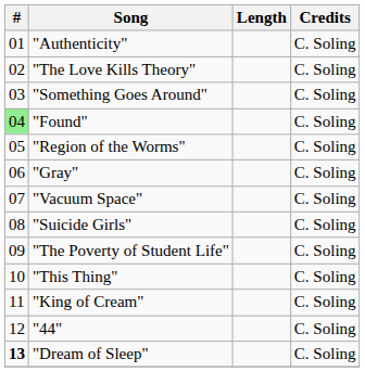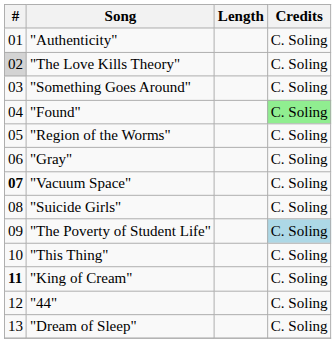 <table class="wikitable">
 <tr>
 <th>#</th>
 <th>Song</th>
 <th>Length</th>
 <th>Credits</th>
 </tr>
 <tr>
 <td>01</td>
 <td>"Authenticity"</td>
 <td></td>
 <td>C. Soling</td>
 </tr>
 <tr>
-<td>02</td>
+<td style="background: lightgrey;">02</td>
 <td>"The Love Kills Theory"</td>
 <td></td>
 <td>C. Soling</td>
 </tr>
 <tr>
 <td>03</td>
 <td>"Something Goes Around"</td>
 <td></td>
 <td>C. Soling</td>
 </tr>
 <tr>
-<td style="background: lightgreen;">04</td>
+<td>04</td>
 <td>"Found"</td>
 <td></td>
-<td>C. Soling</td>
+<td style="background: lightgreen;">C. Soling</td>
 </tr>
 <tr>
 <td>05</td>
 <td>"Region of the Worms"</td>
 <td></td>
 <td>C. Soling</td>
 </tr>
 <tr>
 <td>06</td>
 <td>"Gray"</td>
 <td></td>
 <td>C. Soling</td>
 </tr>
 <tr>
-<td>07</td>
+<td><strong>07</strong></td>
 <td>"Vacuum Space"</td>
 <td></td>
 <td>C. Soling</td>
 </tr>
 <tr>
 <td>08</td>
 <td>"Suicide Girls"</td>
 <td></td>
 <td>C. Soling</td>
 </tr>
 <tr>
 <td>09</td>
 <td>"The Poverty of Student Life"</td>
 <td></td>
-<td>C. Soling</td>
+<td style="background: lightblue;">C. Soling</td>
 </tr>
 <tr>
 <td>10</td>
 <td>"This Thing"</td>
 <td></td>
 <td>C. Soling</td>
 </tr>
 <tr>
-<td>11</td>
+<td><strong>11</strong></td>
 <td>"King of Cream"</td>
 <td></td>
 <td>C. Soling</td>
 </tr>
 <tr>
 <td>12</td>
 <td>"44"</td>
 <td></td>
 <td>C. Soling</td>
 </tr>
 <tr>
-<td><strong>13</strong></td>
+<td>13</td>
 <td>"Dream of Sleep"</td>
 <td></td>
 <td>C. Soling</td>
 </tr>
 <tr>
 </tr>
 </table>
